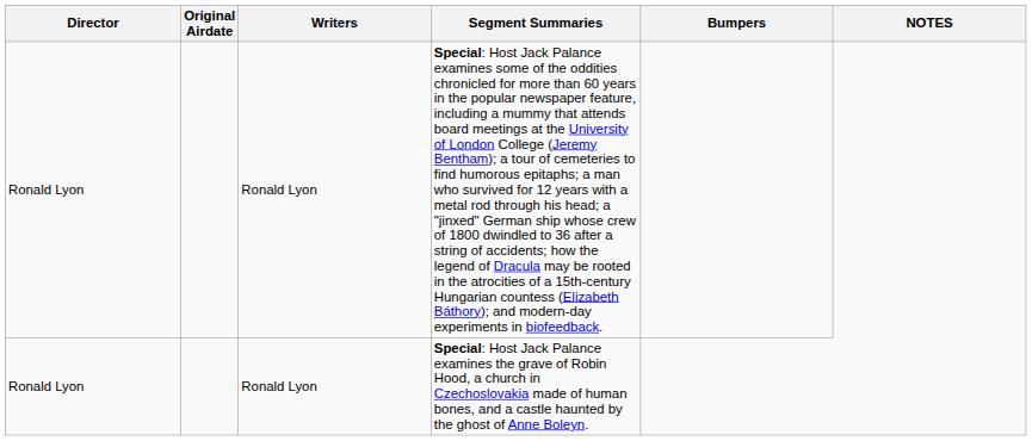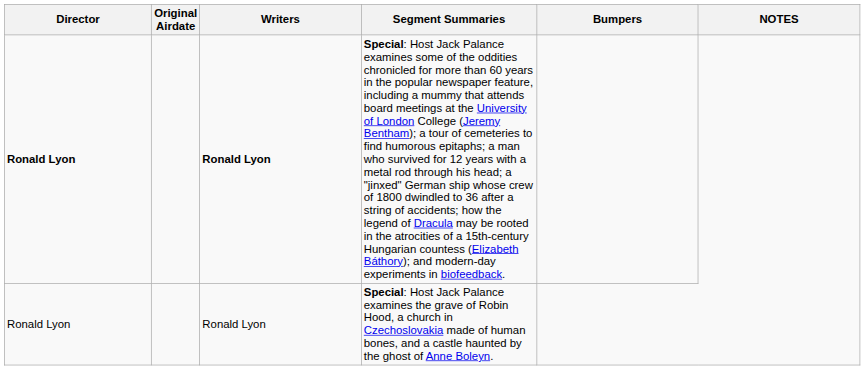 <table class="wikitable" "background:#EEEEFF">
 <tr>
 <th style="width:200px;">Director</th>
 <th style="width:40pt;">Original Airdate</th>
 <th style="width:220px;">Writers</th>
 <th style="width:240px;">Segment Summaries</th>
 <th style="width:220px;">Bumpers</th>
 <th style="width:220px;">NOTES</th>
 </tr>
 <tr>
-<td>Ronald Lyon</td>
+<td><strong>Ronald Lyon</strong></td>
 <td></td>
-<td>Ronald Lyon</td>
+<td><strong>Ronald Lyon</strong></td>
 <td><strong>Special</strong>: Host Jack Palance examines some of the oddities chronicled for more than 60 years in the popular newspaper feature, including a mummy that attends board meetings at the <a href='#'>University of London</a> College (<a href='#'>Jeremy Bentham</a>); a tour of cemeteries to find humorous epitaphs; a man who survived for 12 years with a metal rod through his head; a "jinxed" German ship whose crew of 1800 dwindled to 36 after a string of accidents; how the legend of <a href='#'>Dracula</a> may be rooted in the atrocities of a 15th-century Hungarian countess (<a href='#'>Elizabeth Báthory</a>); and modern-day experiments in <a href='#'>biofeedback</a>.</td>
 <td></td>
 </tr>
 <tr>
 <td>Ronald Lyon</td>
 <td></td>
 <td>Ronald Lyon</td>
 <td><strong>Special</strong>: Host Jack Palance examines the grave of Robin Hood, a church in <a href='#'>Czechoslovakia</a> made of human bones, and a castle haunted by the ghost of <a href='#'>Anne Boleyn</a>.</td>
 </tr>
 </table>
